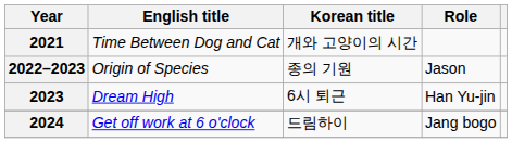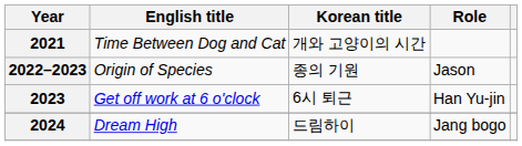 <table class="wikitable  plainrowheaders">
 <tr>
 <th scope="col">Year</th>
 <th scope="col">English title</th>
 <th scope="col">Korean title</th>
 <th scope="col">Role</th>
 <th scope="col" class="unsortable"></th>
 </tr>
 <tr>
 <th scope="row">2021</th>
 <td><em> Time Between Dog and Cat </em></td>
 <td>개와 고양이의 시간</td>
 <td></td>
 <td></td>
 </tr>
 <tr>
 <th scope="row">2022–2023</th>
 <td><em>Origin of Species</em></td>
 <td>종의 기원</td>
 <td>Jason</td>
 <td></td>
 </tr>
 <tr>
 <th scope="row">2023</th>
-<td><em><a href='#'>Dream High</a></em></td>
+<td><em><a href='#'>Get off work at 6 o'clock</a></em></td>
 <td>6시 퇴근</td>
 <td>Han Yu-jin</td>
 <td></td>
 </tr>
 <tr>
 </tr>
 <tr>
 <th scope="row">2024</th>
-<td><em><a href='#'>Get off work at 6 o'clock</a></em></td>
+<td><em><a href='#'>Dream High</a></em></td>
 <td>드림하이</td>
 <td>Jang bogo</td>
 <td></td>
 </tr>
 <tr>
 </tr>
 </table>
